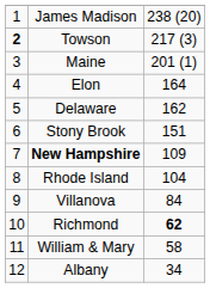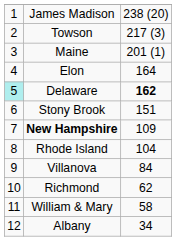 <table class="wikitable">
 <tr align="center">
 </tr>
 <tr align="center">
 <td>1</td>
 <td>James Madison</td>
 <td>238 (20)</td>
 </tr>
 <tr align="center">
-<td><strong>2</strong></td>
+<td>2</td>
 <td>Towson</td>
 <td>217 (3)</td>
 </tr>
 <tr align="center">
 <td>3</td>
 <td>Maine</td>
 <td>201 (1)</td>
 </tr>
 <tr align="center">
 <td>4</td>
 <td>Elon</td>
 <td>164</td>
 </tr>
 <tr align="center">
-<td>5</td>
+<td style="background: paleturquoise;">5</td>
 <td>Delaware</td>
-<td>162</td>
+<td><strong>162</strong></td>
 </tr>
 <tr align="center">
 <td>6</td>
 <td>Stony Brook</td>
 <td>151</td>
 </tr>
 <tr align="center">
 <td>7</td>
 <td><strong>New Hampshire</strong></td>
 <td>109</td>
 </tr>
 <tr align="center">
 <td>8</td>
 <td>Rhode Island</td>
 <td>104</td>
 </tr>
 <tr align="center">
 <td>9</td>
 <td>Villanova</td>
 <td>84</td>
 </tr>
 <tr align="center">
 <td>10</td>
 <td>Richmond</td>
-<td><strong>62</strong></td>
+<td>62</td>
 </tr>
 <tr align="center">
 <td>11</td>
 <td>William & Mary</td>
 <td>58</td>
 </tr>
 <tr align="center">
 <td>12</td>
 <td>Albany</td>
 <td>34</td>
 </tr>
 </table>
